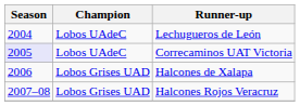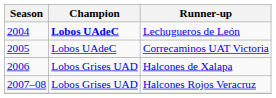 <table class="wikitable">
 <tr>
 <th>Season</th>
 <th>Champion</th>
 <th>Runner-up</th>
 </tr>
 <tr>
 <td><a href='#'>2004</a></td>
-<td><a href='#'>Lobos UAdeC</a></td>
+<td><strong><a href='#'>Lobos UAdeC</a></strong></td>
 <td><a href='#'>Lechugueros de León</a></td>
 </tr>
 <tr>
-<td style="background: lavender;"><a href='#'>2005</a></td>
+<td><a href='#'>2005</a></td>
 <td><a href='#'>Lobos UAdeC</a></td>
 <td><a href='#'>Correcaminos UAT  Victoria</a></td>
 </tr>
 <tr>
 <td><a href='#'>2006</a></td>
 <td><a href='#'>Lobos Grises UAD</a></td>
 <td><a href='#'>Halcones de Xalapa</a></td>
 </tr>
 <tr>
 <td><a href='#'>2007–08</a></td>
 <td><a href='#'>Lobos Grises UAD</a></td>
 <td><a href='#'>Halcones Rojos Veracruz</a></td>
 </tr>
 <tr>
 </tr>
 </table>
